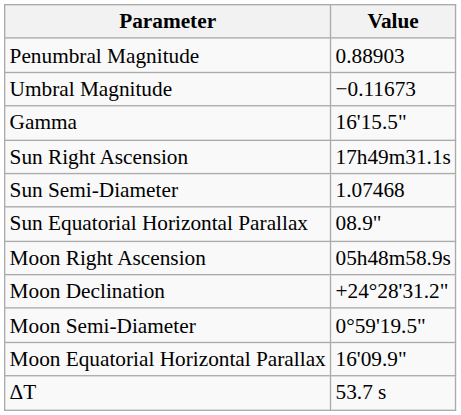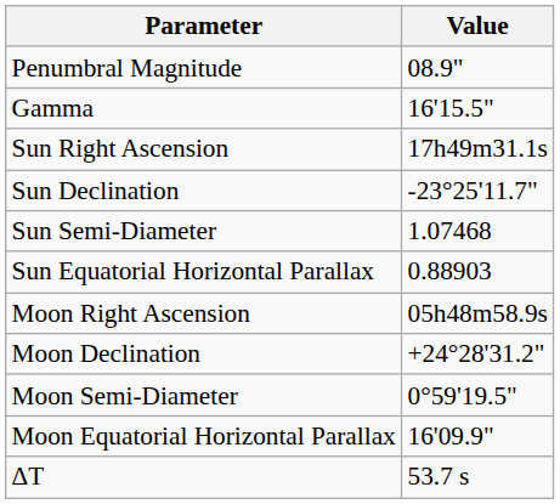 <table class="wikitable">
 <tr>
 <th>Parameter</th>
 <th>Value</th>
 </tr>
 <tr>
 <td>Penumbral Magnitude</td>
-<td>0.88903</td>
-</tr>
-<tr>
-<td>Umbral Magnitude</td>
-<td>−0.11673</td>
+<td>08.9"</td>
 </tr>
 <tr>
 <td>Gamma</td>
 <td>16'15.5"</td>
 </tr>
 <tr>
 <td>Sun Right Ascension</td>
 <td>17h49m31.1s</td>
 </tr>
 <tr>
+<td>Sun Declination</td>
+<td>-23°25'11.7"</td>
+</tr>
+<tr>
 <td>Sun Semi-Diameter</td>
 <td>1.07468</td>
 </tr>
 <tr>
 <td>Sun Equatorial Horizontal Parallax</td>
-<td>08.9"</td>
+<td>0.88903</td>
 </tr>
 <tr>
 <td>Moon Right Ascension</td>
 <td>05h48m58.9s</td>
 </tr>
 <tr>
 <td>Moon Declination</td>
 <td>+24°28'31.2"</td>
 </tr>
 <tr>
 <td>Moon Semi-Diameter</td>
 <td>0°59'19.5"</td>
 </tr>
 <tr>
 <td>Moon Equatorial Horizontal Parallax</td>
 <td>16'09.9"</td>
 </tr>
 <tr>
 <td>ΔT</td>
 <td>53.7 s</td>
 </tr>
 </table>
